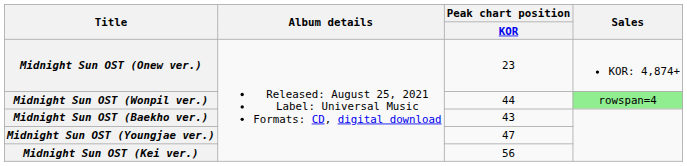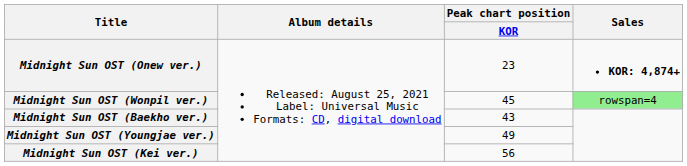 <table class="wikitable plainrowheaders" style="text-align:center;">
 <tr>
 <th rowspan="2">Title</th>
 <th rowspan="2">Album details</th>
 <th>Peak chart position</th>
 <th rowspan="2">Sales</th>
 </tr>
 <tr>
 <th><a href='#'>KOR</a><br></th>
 </tr>
 <tr>
 <th scope="row"><em>Midnight Sun OST (Onew ver.)</em></th>
 <td rowspan="5"><br><ul><li>Released: August 25, 2021</li><li>Label: Universal Music</li><li>Formats: <a href='#'>CD</a>, <a href='#'>digital download</a></li></ul></td>
 <td>23</td>
-<td><br><ul><li>KOR: 4,874+</li></ul></td>
+<td><strong><br><ul><li>KOR: 4,874+</li></ul></strong></td>
 </tr>
 <tr>
 <th scope="row"><em>Midnight Sun OST (Wonpil ver.)</em></th>
-<td>44</td>
+<td>45</td>
 <td style="background: lightgreen;">rowspan=4 </td>
 </tr>
 <tr>
 <th scope="row"><em>Midnight Sun OST (Baekho ver.)</em></th>
 <td>43</td>
 </tr>
 <tr>
 <th scope="row"><em>Midnight Sun OST (Youngjae ver.)</em></th>
-<td>47</td>
+<td>49</td>
 </tr>
 <tr>
 <th scope="row"><em>Midnight Sun OST (Kei ver.)</em></th>
 <td>56</td>
 </tr>
 </table>
